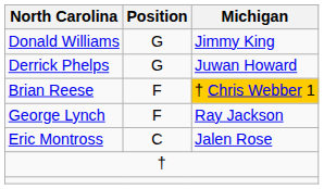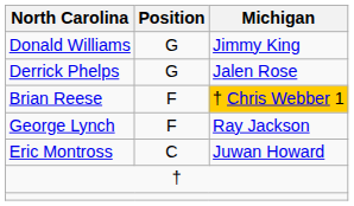 <table class="wikitable">
 <tr>
 <th>North Carolina</th>
 <th colspan="2">Position</th>
 <th>Michigan</th>
 </tr>
 <tr>
 <td><a href='#'>Donald Williams</a></td>
 <td colspan=2 style="text-align:center">G</td>
 <td><a href='#'>Jimmy King</a></td>
 </tr>
 <tr>
 <td><a href='#'>Derrick Phelps</a></td>
 <td colspan=2 style="text-align:center">G</td>
-<td><a href='#'>Juwan Howard</a></td>
+<td><a href='#'>Jalen Rose</a></td>
 </tr>
 <tr>
 <td><a href='#'>Brian Reese</a></td>
 <td colspan=2 style="text-align:center">F</td>
 <td style="background:#ffcc00">† <a href='#'>Chris Webber</a> 1</td>
 </tr>
 <tr>
 <td><a href='#'>George Lynch</a></td>
 <td colspan=2 style="text-align:center">F</td>
 <td><a href='#'>Ray Jackson</a></td>
 </tr>
 <tr>
 <td><a href='#'>Eric Montross</a></td>
 <td colspan=2 style="text-align:center">C</td>
-<td><a href='#'>Jalen Rose</a></td>
+<td><a href='#'>Juwan Howard</a></td>
 </tr>
 <tr>
 <td colspan="5" align=center>† </td>
 </tr>
 <tr>
 <td colspan="5" align=center></td>
 </tr>
 </table>
